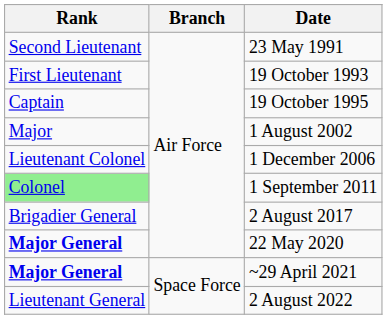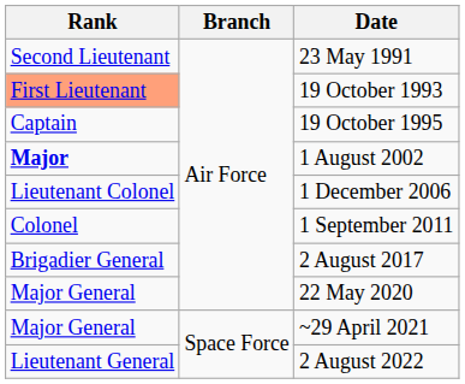 <table class="wikitable">
 <tr>
 <th>Rank</th>
 <th>Branch</th>
 <th>Date</th>
 </tr>
 <tr>
 <td> <a href='#'>Second Lieutenant</a></td>
 <td rowspan=8>Air Force</td>
 <td>23 May 1991</td>
 </tr>
 <tr>
-<td> <a href='#'>First Lieutenant</a></td>
+<td style="background: lightsalmon;"> <a href='#'>First Lieutenant</a></td>
 <td>19 October 1993</td>
 </tr>
 <tr>
 <td> <a href='#'>Captain</a></td>
 <td>19 October 1995</td>
 </tr>
 <tr>
-<td> <a href='#'>Major</a></td>
+<td><strong> <a href='#'>Major</a></strong></td>
 <td>1 August 2002</td>
 </tr>
 <tr>
 <td> <a href='#'>Lieutenant Colonel</a></td>
 <td>1 December 2006</td>
 </tr>
 <tr>
-<td style="background: lightgreen;"> <a href='#'>Colonel</a></td>
+<td> <a href='#'>Colonel</a></td>
 <td>1 September 2011</td>
 </tr>
 <tr>
 <td> <a href='#'>Brigadier General</a></td>
 <td>2 August 2017</td>
 </tr>
 <tr>
-<td><strong> <a href='#'>Major General</a></strong></td>
+<td> <a href='#'>Major General</a></td>
 <td>22 May 2020</td>
 </tr>
 <tr>
-<td><strong> <a href='#'>Major General</a></strong></td>
+<td> <a href='#'>Major General</a></td>
 <td rowspan=2>Space Force</td>
 <td>~29 April 2021</td>
 </tr>
 <tr>
 <td> <a href='#'>Lieutenant General</a></td>
 <td>2 August 2022</td>
 </tr>
 </table>
